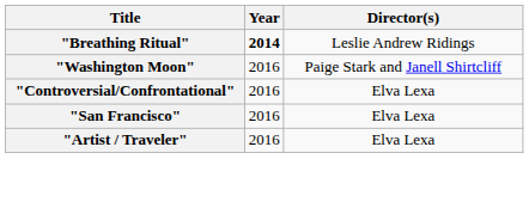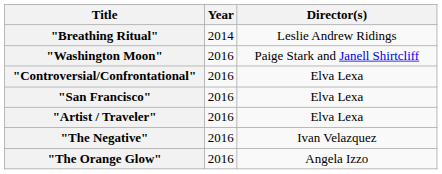 <table class="wikitable plainrowheaders" style="text-align:center;">
 <tr>
 <th scope="col" style="width:15em;">Title</th>
 <th scope="col">Year</th>
 <th scope="col" style="width:15em;">Director(s)</th>
 </tr>
 <tr>
 <th scope="row">"Breathing Ritual"</th>
-<td><strong>2014</strong></td>
+<td>2014</td>
 <td>Leslie Andrew Ridings</td>
 </tr>
 <tr>
 <th scope="row">"Washington Moon"</th>
 <td>2016</td>
 <td>Paige Stark and <a href='#'>Janell Shirtcliff</a></td>
 </tr>
 <tr>
 <th scope="row">"Controversial/Confrontational"</th>
 <td>2016</td>
 <td>Elva Lexa</td>
 </tr>
 <tr>
 <th scope="row">"San Francisco"</th>
 <td>2016</td>
 <td>Elva Lexa</td>
 </tr>
 <tr>
 <th scope="row">"Artist / Traveler"</th>
 <td>2016</td>
 <td>Elva Lexa</td>
 </tr>
+<tr>
+<th scope="row">"The Negative"</th>
+<td>2016</td>
+<td>Ivan Velazquez</td>
+</tr>
+<tr>
+<th scope="row">"The Orange Glow"</th>
+<td>2016</td>
+<td>Angela Izzo</td>
+</tr>
 </table>
